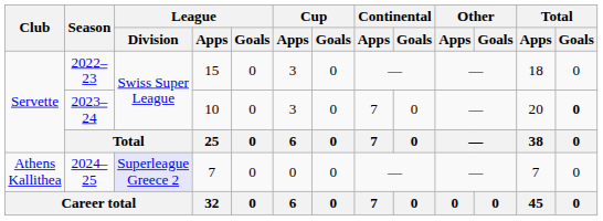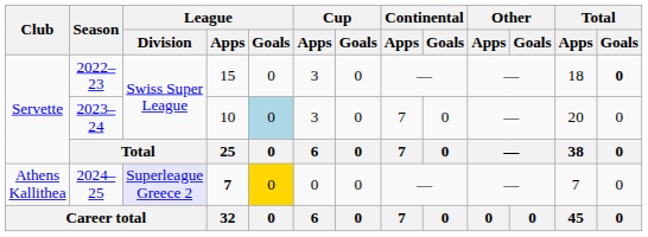 <table class="wikitable" style="text-align:center">
 <tr>
 <th rowspan=2>Club</th>
 <th rowspan=2>Season</th>
 <th colspan=3>League</th>
 <th colspan=2>Cup</th>
 <th colspan=2>Continental</th>
 <th colspan=2>Other</th>
 <th colspan=2>Total</th>
 </tr>
 <tr>
 <th>Division</th>
 <th>Apps</th>
 <th>Goals</th>
 <th>Apps</th>
 <th>Goals</th>
 <th>Apps</th>
 <th>Goals</th>
 <th>Apps</th>
 <th>Goals</th>
 <th>Apps</th>
 <th>Goals</th>
 </tr>
 <tr>
 <td rowspan="3"><a href='#'>Servette</a></td>
 <td><a href='#'>2022–23</a></td>
 <td rowspan="2"><a href='#'>Swiss Super League</a></td>
 <td>15</td>
 <td>0</td>
 <td>3</td>
 <td>0</td>
 <td colspan="2">—</td>
 <td colspan="2">—</td>
 <td>18</td>
-<td>0</td>
+<td><strong>0</strong></td>
 </tr>
 <tr>
 <td><a href='#'>2023–24</a></td>
 <td>10</td>
-<td>0</td>
+<td style="background: lightblue;">0</td>
 <td>3</td>
 <td>0</td>
 <td>7</td>
 <td>0</td>
 <td colspan="2">—</td>
 <td>20</td>
-<td><strong>0</strong></td>
+<td>0</td>
 </tr>
 <tr>
 <th colspan="2">Total</th>
 <th>25</th>
 <th>0</th>
 <th>6</th>
 <th>0</th>
 <th>7</th>
 <th>0</th>
 <th colspan="2">—</th>
 <th>38</th>
 <th>0</th>
 </tr>
 <tr>
 <td><a href='#'>Athens Kallithea</a></td>
 <td><a href='#'>2024–25</a></td>
 <td style="background: lavender;"><a href='#'>Superleague Greece 2</a></td>
-<td>7</td>
-<td>0</td>
+<td><strong>7</strong></td>
+<td style="background: gold;">0</td>
 <td>0</td>
 <td>0</td>
 <td colspan="2">—</td>
 <td colspan="2">—</td>
 <td>7</td>
 <td>0</td>
 </tr>
 <tr>
 <th colspan="3">Career total</th>
 <th>32</th>
 <th>0</th>
 <th>6</th>
 <th>0</th>
 <th>7</th>
 <th>0</th>
 <th>0</th>
 <th>0</th>
 <th>45</th>
 <th>0</th>
 </tr>
 </table>
